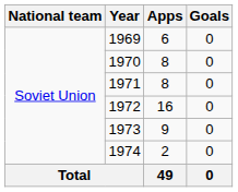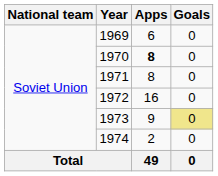 <table class="wikitable" style="text-align:center">
 <tr>
 <th>National team</th>
 <th>Year</th>
 <th>Apps</th>
 <th>Goals</th>
 </tr>
 <tr>
 <td rowspan="6"><a href='#'>Soviet Union</a></td>
 <td>1969</td>
 <td>6</td>
 <td>0</td>
 </tr>
 <tr>
 <td>1970</td>
-<td>8</td>
+<td><strong>8</strong></td>
 <td>0</td>
 </tr>
 <tr>
 <td>1971</td>
 <td>8</td>
 <td>0</td>
 </tr>
 <tr>
 <td>1972</td>
 <td>16</td>
 <td>0</td>
 </tr>
 <tr>
 <td>1973</td>
 <td>9</td>
-<td>0</td>
+<td style="background: khaki;">0</td>
 </tr>
 <tr>
 <td>1974</td>
 <td>2</td>
 <td>0</td>
 </tr>
 <tr>
 <th colspan="2">Total</th>
 <th>49</th>
 <th>0</th>
 </tr>
 </table>
